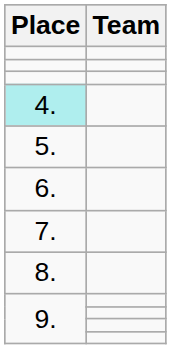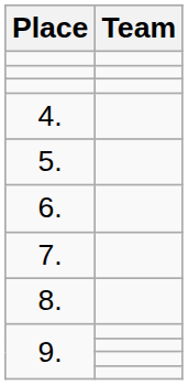 <table class="wikitable">
 <tr>
 <th>Place</th>
 <th>Team</th>
 </tr>
 <tr>
 <td align="center"></td>
 <td></td>
 </tr>
 <tr>
 <td align="center"></td>
 <td></td>
 </tr>
 <tr>
 <td align="center"></td>
 <td></td>
 </tr>
 <tr>
-<td align="center" style="background: paleturquoise;">4.</td>
+<td align="center">4.</td>
 <td></td>
 </tr>
 <tr>
 <td align="center">5.</td>
 <td></td>
 </tr>
 <tr>
 <td align="center">6.</td>
 <td></td>
 </tr>
 <tr>
 <td align="center">7.</td>
 <td></td>
 </tr>
 <tr>
 <td align="center">8.</td>
 <td></td>
 </tr>
 <tr>
 <td rowspan=4 align="center">9.</td>
 <td></td>
 </tr>
 <tr>
 <td></td>
 </tr>
 <tr>
 <td></td>
 </tr>
 <tr>
 <td></td>
 </tr>
 </table>
